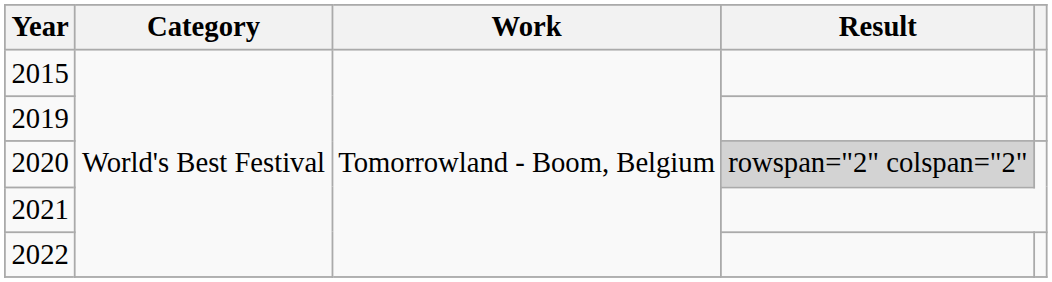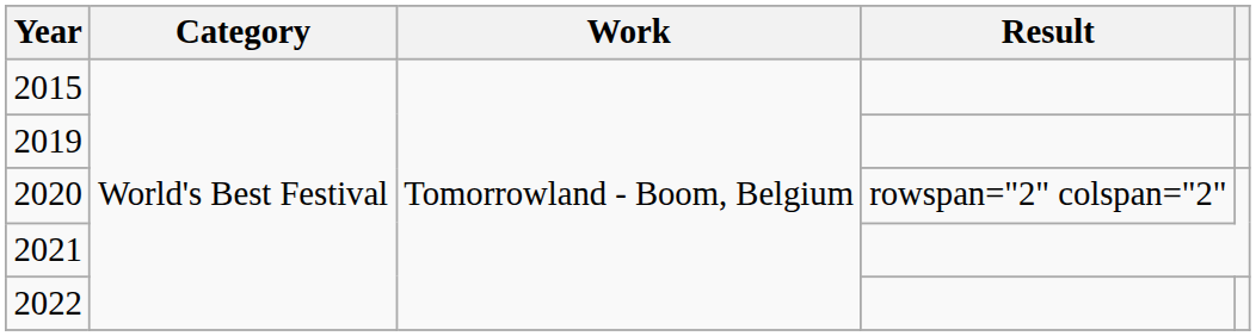 <table class="wikitable">
 <tr>
 <th>Year</th>
 <th>Category</th>
 <th>Work</th>
 <th>Result</th>
 <th></th>
 </tr>
 <tr>
 <td>2015</td>
 <td rowspan="5">World's Best Festival</td>
 <td rowspan="5">Tomorrowland - Boom, Belgium</td>
 <td></td>
 <td></td>
 </tr>
 <tr>
 <td>2019</td>
 <td></td>
 <td></td>
 </tr>
 <tr>
 <td>2020</td>
-<td style="background: lightgrey;">rowspan="2" colspan="2"</td>
+<td>rowspan="2" colspan="2"</td>
 </tr>
 <tr>
 <td>2021</td>
 </tr>
 <tr>
 <td>2022</td>
 <td></td>
 <td></td>
 </tr>
 </table>
